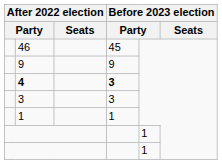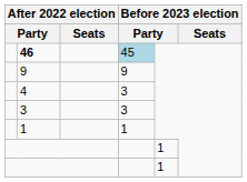 <table class="wikitable">
 <tr>
 <th colspan="3">After 2022 election</th>
 <th colspan="3">Before 2023 election</th>
 </tr>
 <tr>
 <th colspan="2">Party</th>
 <th>Seats</th>
 <th colspan="2">Party</th>
 <th>Seats</th>
 </tr>
 <tr>
 <td></td>
-<td>46</td>
+<td><strong>46</strong></td>
 <td></td>
-<td>45</td>
+<td style="background: lightblue;">45</td>
 </tr>
 <tr>
 <td></td>
 <td>9</td>
 <td></td>
 <td>9</td>
 </tr>
 <tr>
 <td></td>
-<td><strong>4</strong></td>
+<td>4</td>
 <td></td>
-<td><strong>3</strong></td>
+<td>3</td>
 </tr>
 <tr>
 <td></td>
 <td>3</td>
 <td></td>
 <td>3</td>
 </tr>
 <tr>
 <td></td>
 <td>1</td>
 <td></td>
 <td>1</td>
 </tr>
 <tr>
 <td colspan="3"></td>
 <td></td>
 <td>1</td>
 </tr>
 <tr>
 <td colspan="3"></td>
 <td></td>
 <td>1</td>
 </tr>
 </table>
